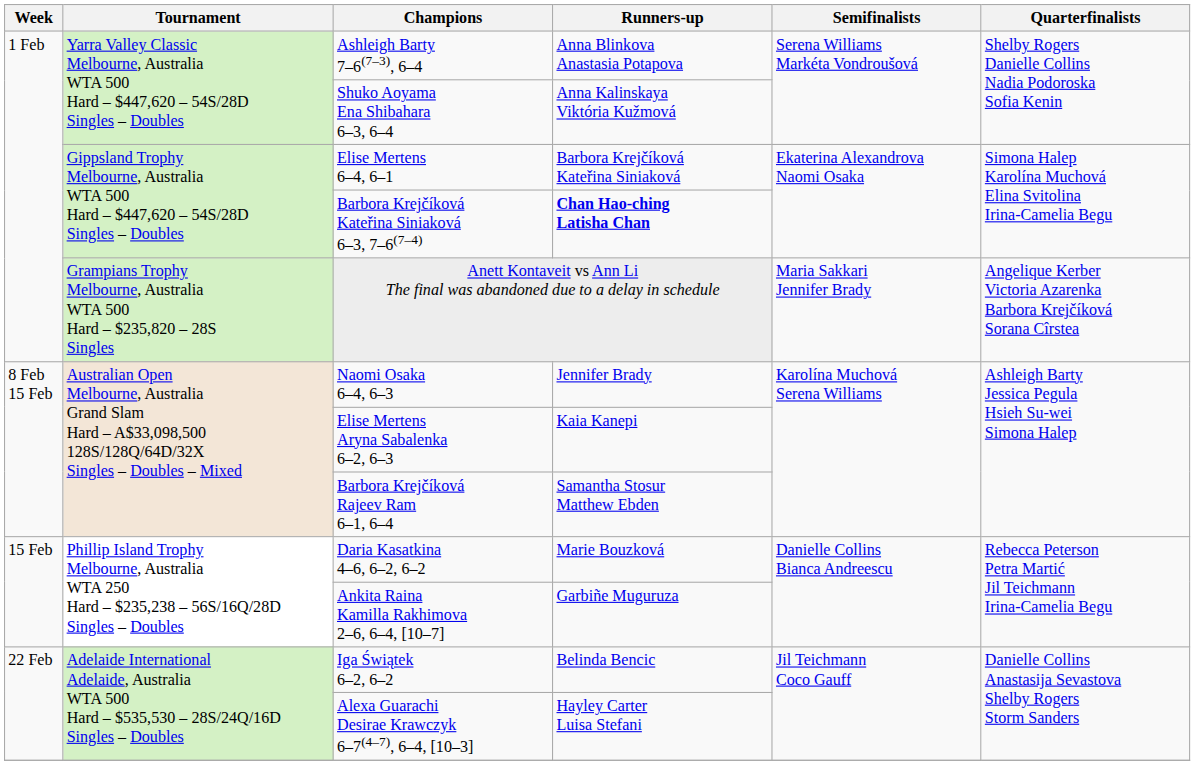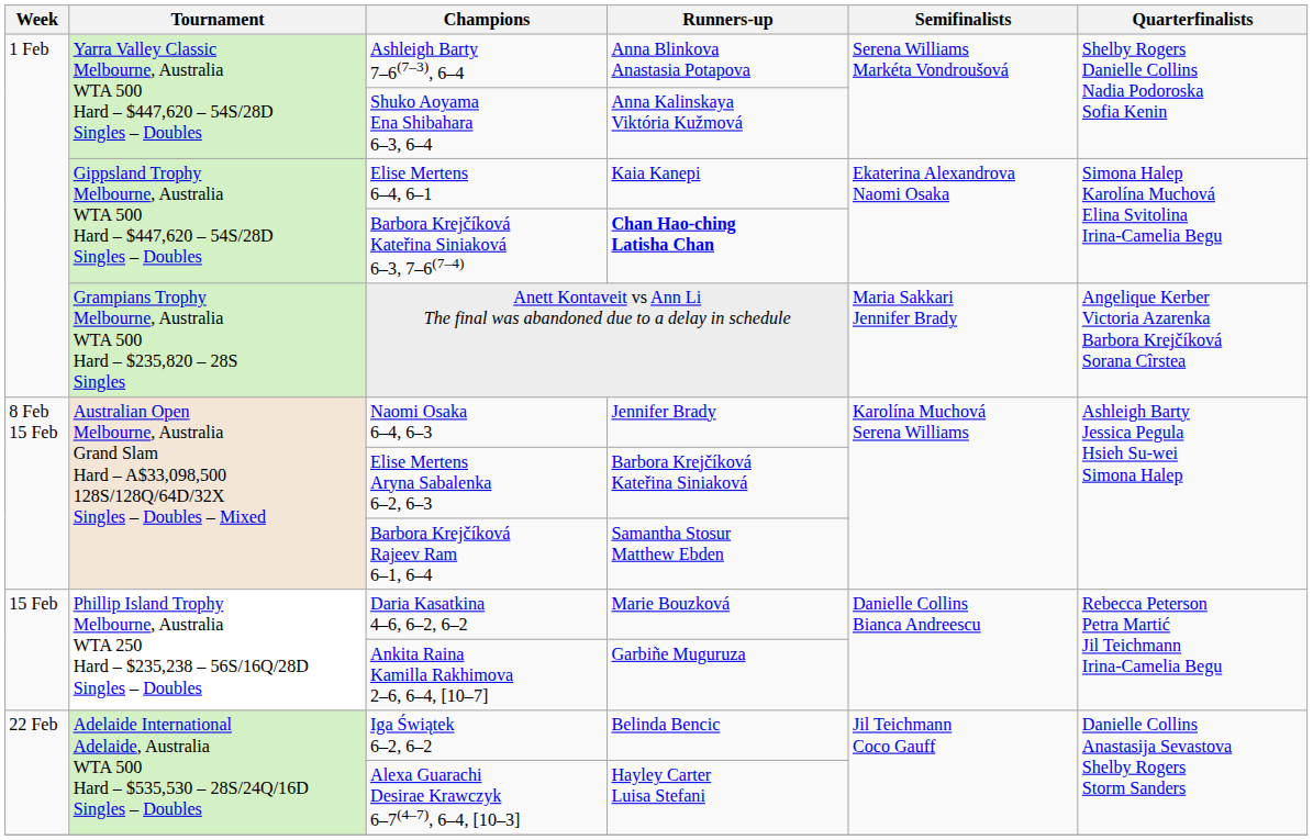 <table class=wikitable style=font-size:95%>
 <tr>
 <th style="width:48px;">Week</th>
 <th style="width:248px;">Tournament</th>
 <th style="width:200px;">Champions</th>
 <th style="width:200px;">Runners-up</th>
 <th style="width:190px;">Semifinalists</th>
 <th style="width:190px;">Quarterfinalists</th>
 </tr>
 <tr style="vertical-align:top">
 <td rowspan=5>1 Feb</td>
 <td style="background:#D4F1C5;" rowspan=2><a href='#'>Yarra Valley Classic</a><br> <a href='#'>Melbourne</a>, Australia<br>WTA 500<br>Hard – $447,620 – 54S/28D <br><a href='#'>Singles</a> – <a href='#'>Doubles</a></td>
 <td> <a href='#'>Ashleigh Barty</a><br>7–6<sup>(7–3)</sup>, 6–4</td>
 <td> <a href='#'>Anna Blinkova</a> <br>  <a href='#'>Anastasia Potapova</a></td>
 <td rowspan=2> <a href='#'>Serena Williams</a> <br>  <a href='#'>Markéta Vondroušová</a></td>
 <td rowspan=2> <a href='#'>Shelby Rogers</a> <br> <a href='#'>Danielle Collins</a> <br> <a href='#'>Nadia Podoroska</a> <br>  <a href='#'>Sofia Kenin</a></td>
 </tr>
 <tr style="vertical-align:top">
 <td> <a href='#'>Shuko Aoyama</a> <br>  <a href='#'>Ena Shibahara</a> <br> 6–3, 6–4</td>
 <td> <a href='#'>Anna Kalinskaya</a> <br>  <a href='#'>Viktória Kužmová</a></td>
 </tr>
 <tr style="vertical-align:top">
 <td style="background:#D4F1C5;" rowspan=2><a href='#'>Gippsland Trophy</a><br> <a href='#'>Melbourne</a>, Australia<br>WTA 500<br>Hard – $447,620 – 54S/28D <br><a href='#'>Singles</a> – <a href='#'>Doubles</a></td>
 <td> <a href='#'>Elise Mertens</a> <br> 6–4, 6–1</td>
-<td> <a href='#'>Barbora Krejčíková</a> <br>  <a href='#'>Kateřina Siniaková</a></td>
+<td> <a href='#'>Kaia Kanepi</a></td>
 <td rowspan=2> <a href='#'>Ekaterina Alexandrova</a> <br>  <a href='#'>Naomi Osaka</a></td>
 <td rowspan=2> <a href='#'>Simona Halep</a> <br>  <a href='#'>Karolína Muchová</a>  <br> <a href='#'>Elina Svitolina</a> <br>  <a href='#'>Irina-Camelia Begu</a></td>
 </tr>
 <tr style="vertical-align:top">
 <td> <a href='#'>Barbora Krejčíková</a> <br>  <a href='#'>Kateřina Siniaková</a> <br> 6–3, 7–6<sup>(7–4)</sup></td>
 <td><strong> <a href='#'>Chan Hao-ching</a> <br>  <a href='#'>Latisha Chan</a></strong></td>
 </tr>
 <tr style="vertical-align:top">
 <td style="background:#D4F1C5;"><a href='#'>Grampians Trophy</a><br> <a href='#'>Melbourne</a>, Australia<br>WTA 500<br>Hard – $235,820 – 28S <br><a href='#'>Singles</a></td>
 <td colspan="2" style="text-align:center; background:#ededed;"> <a href='#'>Anett Kontaveit</a> vs  <a href='#'>Ann Li</a><br><em>The final was abandoned due to a delay in schedule</em></td>
 <td> <a href='#'>Maria Sakkari</a> <br>  <a href='#'>Jennifer Brady</a></td>
 <td> <a href='#'>Angelique Kerber</a> <br> <a href='#'>Victoria Azarenka</a> <br> <a href='#'>Barbora Krejčíková</a> <br> <a href='#'>Sorana Cîrstea</a></td>
 </tr>
 <tr style="vertical-align:top">
 <td rowspan=3>8 Feb <br>15 Feb</td>
 <td style="background:#F3E6D7;" rowspan=3><a href='#'>Australian Open</a><br> <a href='#'>Melbourne</a>, Australia<br>Grand Slam<br>Hard – A$33,098,500 <br>128S/128Q/64D/32X <br><a href='#'>Singles</a> – <a href='#'>Doubles</a> – <a href='#'>Mixed</a></td>
 <td> <a href='#'>Naomi Osaka</a> <br> 6–4, 6–3</td>
 <td> <a href='#'>Jennifer Brady</a></td>
 <td rowspan=3> <a href='#'>Karolína Muchová</a> <br> <a href='#'>Serena Williams</a></td>
 <td rowspan=3> <a href='#'>Ashleigh Barty</a> <br> <a href='#'>Jessica Pegula</a> <br>  <a href='#'>Hsieh Su-wei</a> <br> <a href='#'>Simona Halep</a></td>
 </tr>
 <tr style="vertical-align:top">
 <td> <a href='#'>Elise Mertens</a> <br>  <a href='#'>Aryna Sabalenka</a> <br> 6–2, 6–3</td>
-<td> <a href='#'>Kaia Kanepi</a></td>
+<td> <a href='#'>Barbora Krejčíková</a> <br>  <a href='#'>Kateřina Siniaková</a></td>
 </tr>
 <tr style="vertical-align:top">
 <td> <a href='#'>Barbora Krejčíková</a> <br>  <a href='#'>Rajeev Ram</a> <br> 6–1, 6–4</td>
 <td> <a href='#'>Samantha Stosur</a> <br>  <a href='#'>Matthew Ebden</a></td>
 </tr>
 <tr style="vertical-align:top">
 <td rowspan=2>15 Feb</td>
 <td style="background:#fff;" rowspan=2><a href='#'>Phillip Island Trophy</a><br> <a href='#'>Melbourne</a>, Australia<br>WTA 250<br>Hard – $235,238 – 56S/16Q/28D <br><a href='#'>Singles</a> – <a href='#'>Doubles</a></td>
 <td> <a href='#'>Daria Kasatkina</a> <br> 4–6, 6–2, 6–2</td>
 <td> <a href='#'>Marie Bouzková</a></td>
 <td rowspan=2> <a href='#'>Danielle Collins</a> <br>  <a href='#'>Bianca Andreescu</a></td>
 <td rowspan=2> <a href='#'>Rebecca Peterson</a> <br> <a href='#'>Petra Martić</a> <br>  <a href='#'>Jil Teichmann</a> <br>  <a href='#'>Irina-Camelia Begu</a></td>
 </tr>
 <tr style="vertical-align:top">
 <td> <a href='#'>Ankita Raina</a> <br>  <a href='#'>Kamilla Rakhimova</a> <br> 2–6, 6–4, [10–7]</td>
 <td> <a href='#'>Garbiñe Muguruza</a></td>
 </tr>
 <tr style="vertical-align:top">
 <td rowspan=2>22 Feb</td>
 <td style="background:#D4F1C5;" rowspan=2><a href='#'>Adelaide International</a><br> <a href='#'>Adelaide</a>, Australia<br>WTA 500<br>Hard – $535,530 – 28S/24Q/16D <br><a href='#'>Singles</a> – <a href='#'>Doubles</a></td>
 <td> <a href='#'>Iga Świątek</a> <br> 6–2, 6–2</td>
 <td> <a href='#'>Belinda Bencic</a></td>
 <td rowspan=2> <a href='#'>Jil Teichmann</a> <br>  <a href='#'>Coco Gauff</a></td>
 <td rowspan=2> <a href='#'>Danielle Collins</a> <br> <a href='#'>Anastasija Sevastova</a> <br>  <a href='#'>Shelby Rogers</a> <br>  <a href='#'>Storm Sanders</a></td>
 </tr>
 <tr style="vertical-align:top">
 <td> <a href='#'>Alexa Guarachi</a> <br>  <a href='#'>Desirae Krawczyk</a> <br> 6–7<sup>(4–7)</sup>, 6–4, [10–3]</td>
 <td> <a href='#'>Hayley Carter</a> <br>  <a href='#'>Luisa Stefani</a></td>
 </tr>
 <tr style="vertical-align:top">
 </tr>
 </table>
